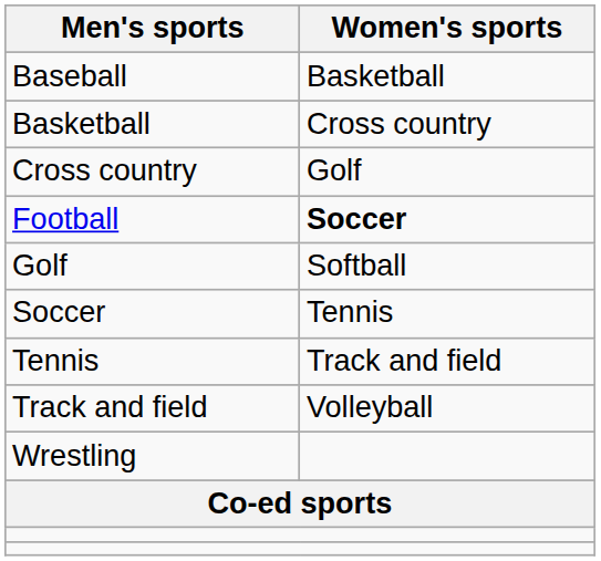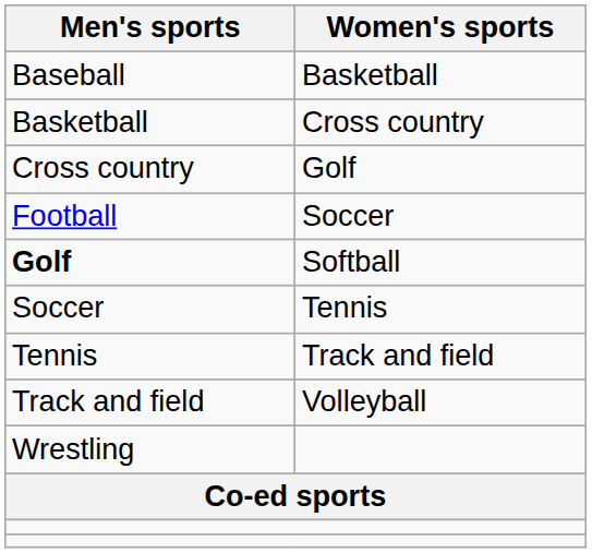 <table class="wikitable"; style= "text-align: ">
 <tr>
 <th width=150px>Men's sports</th>
 <th width=150px>Women's sports</th>
 </tr>
 <tr>
 <td>Baseball</td>
 <td>Basketball</td>
 </tr>
 <tr>
 <td>Basketball</td>
 <td>Cross country</td>
 </tr>
 <tr>
 <td>Cross country</td>
 <td>Golf</td>
 </tr>
 <tr>
 <td><a href='#'>Football</a></td>
-<td><strong>Soccer</strong></td>
+<td>Soccer</td>
 </tr>
 <tr>
-<td>Golf</td>
+<td><strong>Golf</strong></td>
 <td>Softball</td>
 </tr>
 <tr>
 <td>Soccer</td>
 <td>Tennis</td>
 </tr>
 <tr>
 <td>Tennis</td>
 <td>Track and field</td>
 </tr>
 <tr>
 <td>Track and field</td>
 <td>Volleyball</td>
 </tr>
 <tr>
 <td>Wrestling</td>
 <td></td>
 </tr>
 <tr>
 <th colspan=2>Co-ed sports</th>
 </tr>
 <tr>
 <td colspan=2></td>
 </tr>
 <tr>
 <td colspan=2></td>
 </tr>
 </table>
